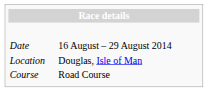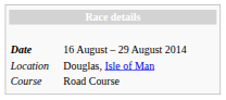 <table class="infobox" align="right" cellpadding="2" style="float:right; width: 20em;">
 <tr>
 </tr>
 <tr>
 <th colspan="3" style="background:lightgrey; color:#ffffff;">Race details</th>
 </tr>
 <tr>
 <td colspan="3" style="text-align:center;"><br></td>
 </tr>
 <tr>
-<td style="width: 25%;"><em>Date</em></td>
+<td style="width: 25%;"><strong><em>Date</em></strong></td>
 <td>16 August – 29 August 2014</td>
 </tr>
 <tr>
 <td><em>Location</em></td>
 <td colspan=3>Douglas, <a href='#'>Isle of Man</a></td>
 </tr>
 <tr>
 <td><em>Course</em></td>
 <td colspan=3>Road Course <br> </td>
 </tr>
 <tr>
 </tr>
 </table>
